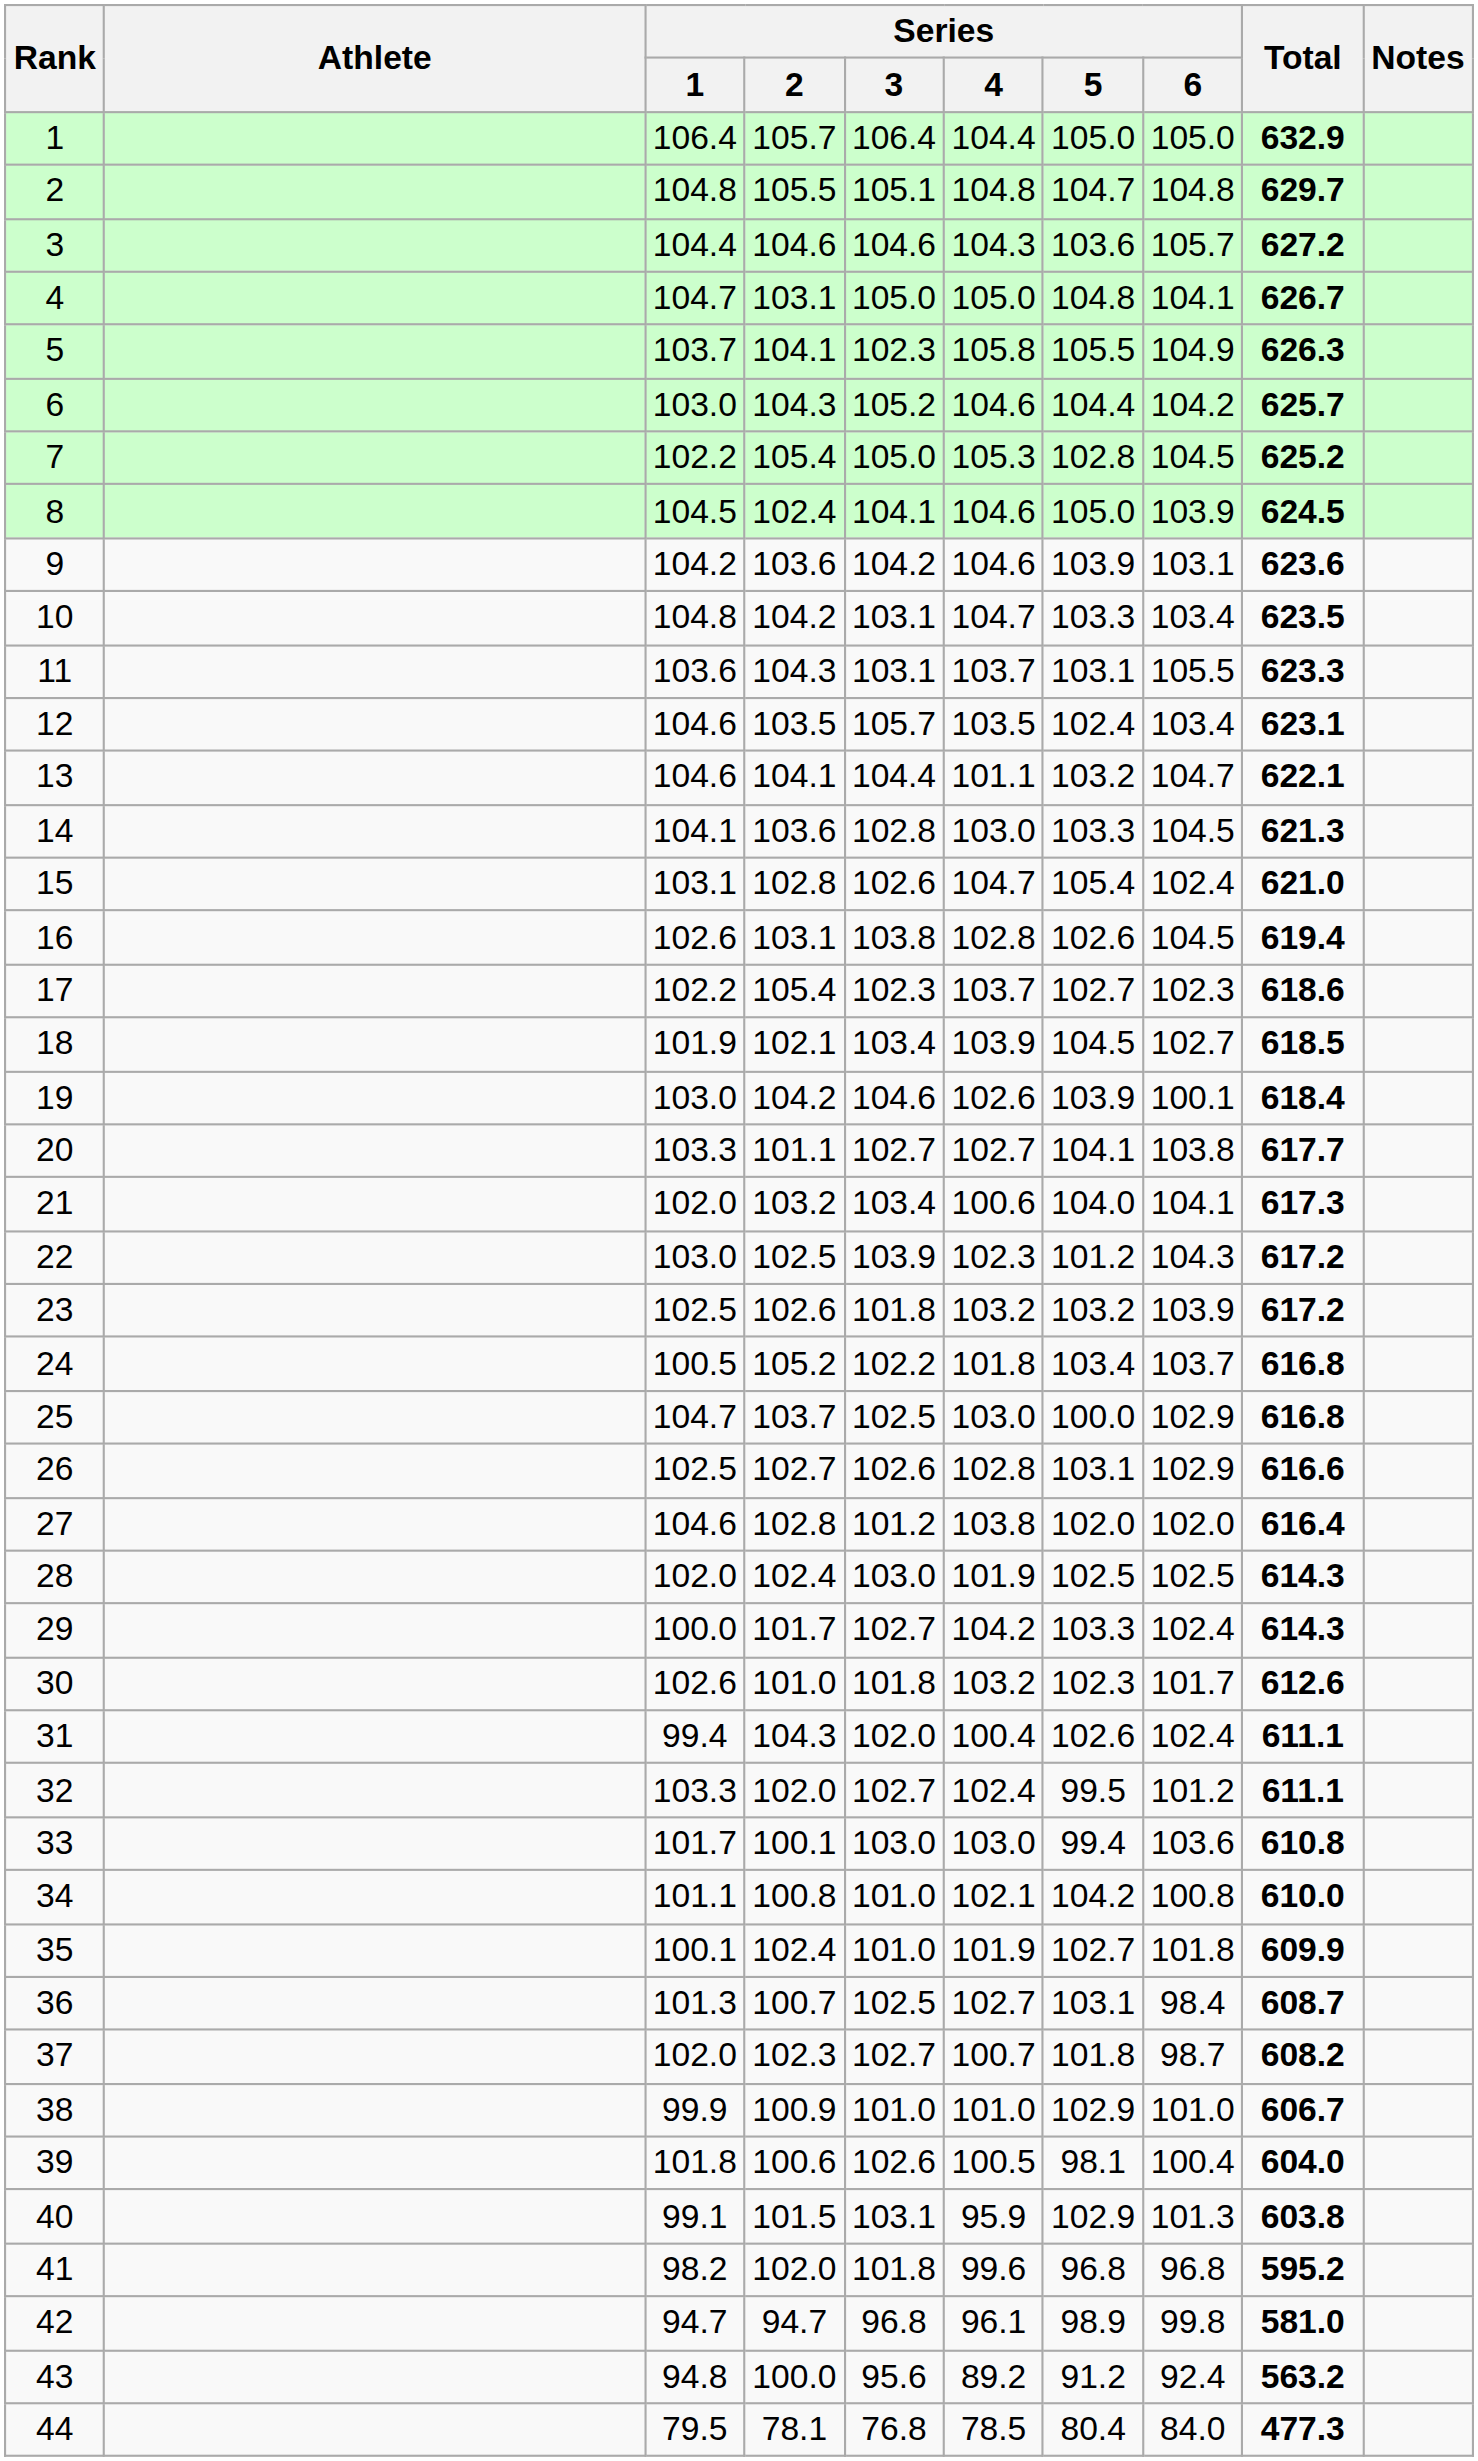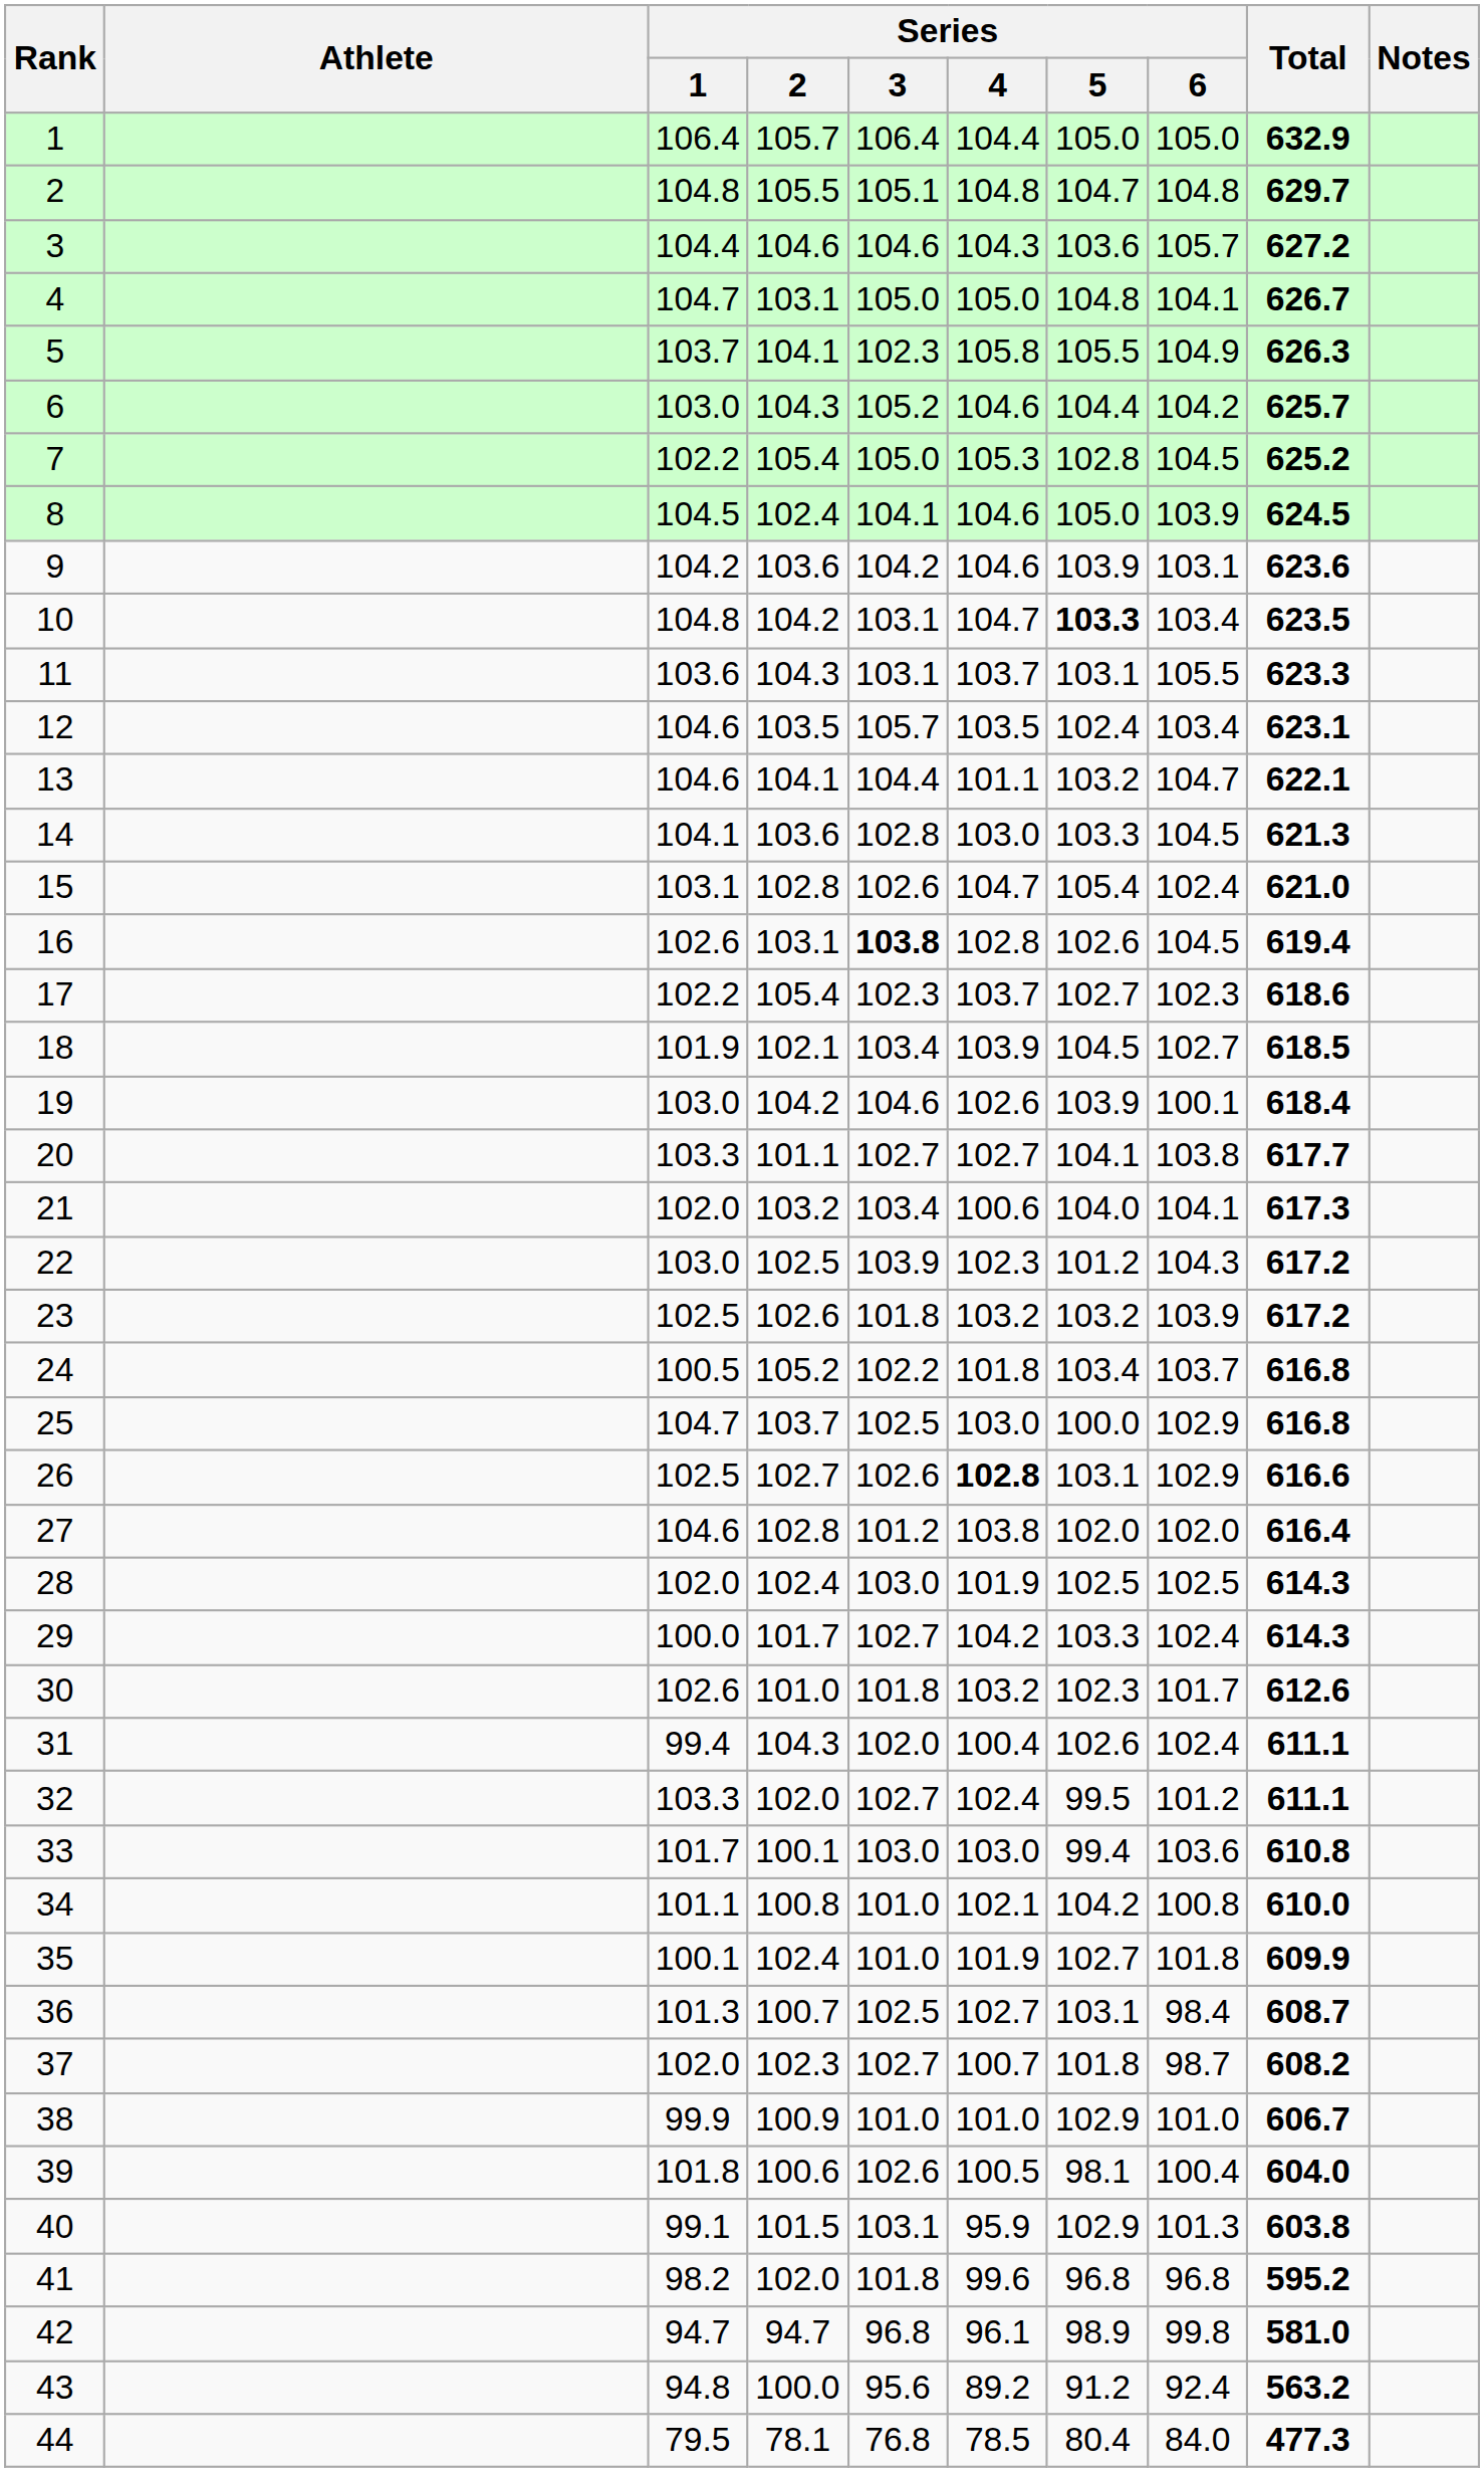 <table class="wikitable" style="text-align:center">
 <tr>
 <th rowspan=2 width=40>Rank</th>
 <th rowspan=2 width=250>Athlete</th>
 <th colspan=6>Series</th>
 <th rowspan=2 width=50>Total</th>
 <th rowspan=2 width=45>Notes</th>
 </tr>
 <tr>
 <th width=40>1</th>
 <th width=40>2</th>
 <th width=40>3</th>
 <th width=40>4</th>
 <th width=40>5</th>
 <th width=40>6</th>
 </tr>
 <tr bgcolor=ccffcc>
 <td>1</td>
 <td align=left></td>
 <td>106.4</td>
 <td>105.7</td>
 <td>106.4</td>
 <td>104.4</td>
 <td>105.0</td>
 <td>105.0</td>
 <td><strong>632.9</strong></td>
 <td></td>
 </tr>
 <tr bgcolor=ccffcc>
 <td>2</td>
 <td align=left></td>
 <td>104.8</td>
 <td>105.5</td>
 <td>105.1</td>
 <td>104.8</td>
 <td>104.7</td>
 <td>104.8</td>
 <td><strong>629.7</strong></td>
 <td></td>
 </tr>
 <tr bgcolor=ccffcc>
 <td>3</td>
 <td align=left></td>
 <td>104.4</td>
 <td>104.6</td>
 <td>104.6</td>
 <td>104.3</td>
 <td>103.6</td>
 <td>105.7</td>
 <td><strong>627.2</strong></td>
 <td></td>
 </tr>
 <tr bgcolor=ccffcc>
 <td>4</td>
 <td align=left></td>
 <td>104.7</td>
 <td>103.1</td>
 <td>105.0</td>
 <td>105.0</td>
 <td>104.8</td>
 <td>104.1</td>
 <td><strong>626.7</strong></td>
 <td></td>
 </tr>
 <tr bgcolor=ccffcc>
 <td>5</td>
 <td align=left></td>
 <td>103.7</td>
 <td>104.1</td>
 <td>102.3</td>
 <td>105.8</td>
 <td>105.5</td>
 <td>104.9</td>
 <td><strong>626.3</strong></td>
 <td></td>
 </tr>
 <tr bgcolor=ccffcc>
 <td>6</td>
 <td align=left></td>
 <td>103.0</td>
 <td>104.3</td>
 <td>105.2</td>
 <td>104.6</td>
 <td>104.4</td>
 <td>104.2</td>
 <td><strong>625.7</strong></td>
 <td></td>
 </tr>
 <tr bgcolor=ccffcc>
 <td>7</td>
 <td align=left></td>
 <td>102.2</td>
 <td>105.4</td>
 <td>105.0</td>
 <td>105.3</td>
 <td>102.8</td>
 <td>104.5</td>
 <td><strong>625.2</strong></td>
 <td></td>
 </tr>
 <tr bgcolor=ccffcc>
 <td>8</td>
 <td align=left></td>
 <td>104.5</td>
 <td>102.4</td>
 <td>104.1</td>
 <td>104.6</td>
 <td>105.0</td>
 <td>103.9</td>
 <td><strong>624.5</strong></td>
 <td></td>
 </tr>
 <tr>
 <td>9</td>
 <td align=left></td>
 <td>104.2</td>
 <td>103.6</td>
 <td>104.2</td>
 <td>104.6</td>
 <td>103.9</td>
 <td>103.1</td>
 <td><strong>623.6</strong></td>
 <td></td>
 </tr>
 <tr>
 <td>10</td>
 <td align=left></td>
 <td>104.8</td>
 <td>104.2</td>
 <td>103.1</td>
 <td>104.7</td>
-<td>103.3</td>
+<td><strong>103.3</strong></td>
 <td>103.4</td>
 <td><strong>623.5</strong></td>
 <td></td>
 </tr>
 <tr>
 <td>11</td>
 <td align=left></td>
 <td>103.6</td>
 <td>104.3</td>
 <td>103.1</td>
 <td>103.7</td>
 <td>103.1</td>
 <td>105.5</td>
 <td><strong>623.3</strong></td>
 <td></td>
 </tr>
 <tr>
 <td>12</td>
 <td align=left></td>
 <td>104.6</td>
 <td>103.5</td>
 <td>105.7</td>
 <td>103.5</td>
 <td>102.4</td>
 <td>103.4</td>
 <td><strong>623.1</strong></td>
 <td></td>
 </tr>
 <tr>
 <td>13</td>
 <td align=left></td>
 <td>104.6</td>
 <td>104.1</td>
 <td>104.4</td>
 <td>101.1</td>
 <td>103.2</td>
 <td>104.7</td>
 <td><strong>622.1</strong></td>
 <td></td>
 </tr>
 <tr>
 <td>14</td>
 <td align=left></td>
 <td>104.1</td>
 <td>103.6</td>
 <td>102.8</td>
 <td>103.0</td>
 <td>103.3</td>
 <td>104.5</td>
 <td><strong>621.3</strong></td>
 <td></td>
 </tr>
 <tr>
 <td>15</td>
 <td align=left></td>
 <td>103.1</td>
 <td>102.8</td>
 <td>102.6</td>
 <td>104.7</td>
 <td>105.4</td>
 <td>102.4</td>
 <td><strong>621.0</strong></td>
 <td></td>
 </tr>
 <tr>
 <td>16</td>
 <td align=left></td>
 <td>102.6</td>
 <td>103.1</td>
-<td>103.8</td>
+<td><strong>103.8</strong></td>
 <td>102.8</td>
 <td>102.6</td>
 <td>104.5</td>
 <td><strong>619.4</strong></td>
 <td></td>
 </tr>
 <tr>
 <td>17</td>
 <td align=left></td>
 <td>102.2</td>
 <td>105.4</td>
 <td>102.3</td>
 <td>103.7</td>
 <td>102.7</td>
 <td>102.3</td>
 <td><strong>618.6</strong></td>
 <td></td>
 </tr>
 <tr>
 <td>18</td>
 <td align=left></td>
 <td>101.9</td>
 <td>102.1</td>
 <td>103.4</td>
 <td>103.9</td>
 <td>104.5</td>
 <td>102.7</td>
 <td><strong>618.5</strong></td>
 <td></td>
 </tr>
 <tr>
 <td>19</td>
 <td align=left></td>
 <td>103.0</td>
 <td>104.2</td>
 <td>104.6</td>
 <td>102.6</td>
 <td>103.9</td>
 <td>100.1</td>
 <td><strong>618.4</strong></td>
 <td></td>
 </tr>
 <tr>
 <td>20</td>
 <td align=left></td>
 <td>103.3</td>
 <td>101.1</td>
 <td>102.7</td>
 <td>102.7</td>
 <td>104.1</td>
 <td>103.8</td>
 <td><strong>617.7</strong></td>
 <td></td>
 </tr>
 <tr>
 <td>21</td>
 <td align=left></td>
 <td>102.0</td>
 <td>103.2</td>
 <td>103.4</td>
 <td>100.6</td>
 <td>104.0</td>
 <td>104.1</td>
 <td><strong>617.3</strong></td>
 <td></td>
 </tr>
 <tr>
 <td>22</td>
 <td align=left></td>
 <td>103.0</td>
 <td>102.5</td>
 <td>103.9</td>
 <td>102.3</td>
 <td>101.2</td>
 <td>104.3</td>
 <td><strong>617.2</strong></td>
 <td></td>
 </tr>
 <tr>
 <td>23</td>
 <td align=left></td>
 <td>102.5</td>
 <td>102.6</td>
 <td>101.8</td>
 <td>103.2</td>
 <td>103.2</td>
 <td>103.9</td>
 <td><strong>617.2</strong></td>
 <td></td>
 </tr>
 <tr>
 <td>24</td>
 <td align=left></td>
 <td>100.5</td>
 <td>105.2</td>
 <td>102.2</td>
 <td>101.8</td>
 <td>103.4</td>
 <td>103.7</td>
 <td><strong>616.8</strong></td>
 <td></td>
 </tr>
 <tr>
 <td>25</td>
 <td align=left></td>
 <td>104.7</td>
 <td>103.7</td>
 <td>102.5</td>
 <td>103.0</td>
 <td>100.0</td>
 <td>102.9</td>
 <td><strong>616.8</strong></td>
 <td></td>
 </tr>
 <tr>
 <td>26</td>
 <td align=left></td>
 <td>102.5</td>
 <td>102.7</td>
 <td>102.6</td>
-<td>102.8</td>
+<td><strong>102.8</strong></td>
 <td>103.1</td>
 <td>102.9</td>
 <td><strong>616.6</strong></td>
 <td></td>
 </tr>
 <tr>
 <td>27</td>
 <td align=left></td>
 <td>104.6</td>
 <td>102.8</td>
 <td>101.2</td>
 <td>103.8</td>
 <td>102.0</td>
 <td>102.0</td>
 <td><strong>616.4</strong></td>
 <td></td>
 </tr>
 <tr>
 <td>28</td>
 <td align=left></td>
 <td>102.0</td>
 <td>102.4</td>
 <td>103.0</td>
 <td>101.9</td>
 <td>102.5</td>
 <td>102.5</td>
 <td><strong>614.3</strong></td>
 <td></td>
 </tr>
 <tr>
 <td>29</td>
 <td align=left></td>
 <td>100.0</td>
 <td>101.7</td>
 <td>102.7</td>
 <td>104.2</td>
 <td>103.3</td>
 <td>102.4</td>
 <td><strong>614.3</strong></td>
 <td></td>
 </tr>
 <tr>
 <td>30</td>
 <td align=left></td>
 <td>102.6</td>
 <td>101.0</td>
 <td>101.8</td>
 <td>103.2</td>
 <td>102.3</td>
 <td>101.7</td>
 <td><strong>612.6</strong></td>
 <td></td>
 </tr>
 <tr>
 <td>31</td>
 <td align=left></td>
 <td>99.4</td>
 <td>104.3</td>
 <td>102.0</td>
 <td>100.4</td>
 <td>102.6</td>
 <td>102.4</td>
 <td><strong>611.1</strong></td>
 <td></td>
 </tr>
 <tr>
 <td>32</td>
 <td align=left></td>
 <td>103.3</td>
 <td>102.0</td>
 <td>102.7</td>
 <td>102.4</td>
 <td>99.5</td>
 <td>101.2</td>
 <td><strong>611.1</strong></td>
 <td></td>
 </tr>
 <tr>
 <td>33</td>
 <td align=left></td>
 <td>101.7</td>
 <td>100.1</td>
 <td>103.0</td>
 <td>103.0</td>
 <td>99.4</td>
 <td>103.6</td>
 <td><strong>610.8</strong></td>
 <td></td>
 </tr>
 <tr>
 <td>34</td>
 <td align=left></td>
 <td>101.1</td>
 <td>100.8</td>
 <td>101.0</td>
 <td>102.1</td>
 <td>104.2</td>
 <td>100.8</td>
 <td><strong>610.0</strong></td>
 <td></td>
 </tr>
 <tr>
 <td>35</td>
 <td align=left></td>
 <td>100.1</td>
 <td>102.4</td>
 <td>101.0</td>
 <td>101.9</td>
 <td>102.7</td>
 <td>101.8</td>
 <td><strong>609.9</strong></td>
 <td></td>
 </tr>
 <tr>
 <td>36</td>
 <td align=left></td>
 <td>101.3</td>
 <td>100.7</td>
 <td>102.5</td>
 <td>102.7</td>
 <td>103.1</td>
 <td>98.4</td>
 <td><strong>608.7</strong></td>
 <td></td>
 </tr>
 <tr>
 <td>37</td>
 <td align=left></td>
 <td>102.0</td>
 <td>102.3</td>
 <td>102.7</td>
 <td>100.7</td>
 <td>101.8</td>
 <td>98.7</td>
 <td><strong>608.2</strong></td>
 <td></td>
 </tr>
 <tr>
 <td>38</td>
 <td align=left></td>
 <td>99.9</td>
 <td>100.9</td>
 <td>101.0</td>
 <td>101.0</td>
 <td>102.9</td>
 <td>101.0</td>
 <td><strong>606.7</strong></td>
 <td></td>
 </tr>
 <tr>
 <td>39</td>
 <td align=left></td>
 <td>101.8</td>
 <td>100.6</td>
 <td>102.6</td>
 <td>100.5</td>
 <td>98.1</td>
 <td>100.4</td>
 <td><strong>604.0</strong></td>
 <td></td>
 </tr>
 <tr>
 <td>40</td>
 <td align=left></td>
 <td>99.1</td>
 <td>101.5</td>
 <td>103.1</td>
 <td>95.9</td>
 <td>102.9</td>
 <td>101.3</td>
 <td><strong>603.8</strong></td>
 <td></td>
 </tr>
 <tr>
 <td>41</td>
 <td align=left></td>
 <td>98.2</td>
 <td>102.0</td>
 <td>101.8</td>
 <td>99.6</td>
 <td>96.8</td>
 <td>96.8</td>
 <td><strong>595.2</strong></td>
 <td></td>
 </tr>
 <tr>
 <td>42</td>
 <td align=left></td>
 <td>94.7</td>
 <td>94.7</td>
 <td>96.8</td>
 <td>96.1</td>
 <td>98.9</td>
 <td>99.8</td>
 <td><strong>581.0</strong></td>
 <td></td>
 </tr>
 <tr>
 <td>43</td>
 <td align=left></td>
 <td>94.8</td>
 <td>100.0</td>
 <td>95.6</td>
 <td>89.2</td>
 <td>91.2</td>
 <td>92.4</td>
 <td><strong>563.2</strong></td>
 <td></td>
 </tr>
 <tr>
 <td>44</td>
 <td align=left></td>
 <td>79.5</td>
 <td>78.1</td>
 <td>76.8</td>
 <td>78.5</td>
 <td>80.4</td>
 <td>84.0</td>
 <td><strong>477.3</strong></td>
 <td></td>
 </tr>
 </table>
